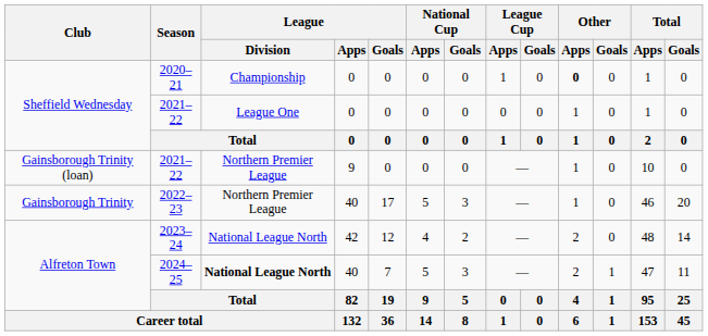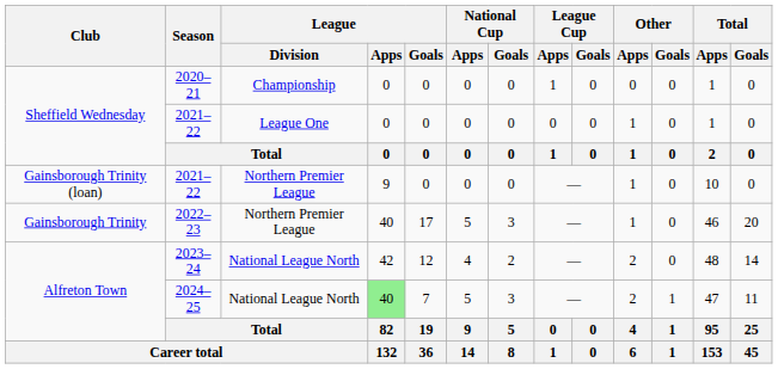 <table class="wikitable" style="text-align:center">
 <tr>
 <th rowspan="2">Club</th>
 <th rowspan="2">Season</th>
 <th colspan="3">League</th>
 <th colspan="2">National Cup</th>
 <th colspan="2">League Cup</th>
 <th colspan="2">Other</th>
 <th colspan="2">Total</th>
 </tr>
 <tr>
 <th>Division</th>
 <th>Apps</th>
 <th>Goals</th>
 <th>Apps</th>
 <th>Goals</th>
 <th>Apps</th>
 <th>Goals</th>
 <th>Apps</th>
 <th>Goals</th>
 <th>Apps</th>
 <th>Goals</th>
 </tr>
 <tr>
 <td rowspan="3"><a href='#'>Sheffield Wednesday</a></td>
 <td><a href='#'>2020–21</a></td>
 <td><a href='#'>Championship</a></td>
 <td>0</td>
 <td>0</td>
 <td>0</td>
 <td>0</td>
 <td>1</td>
 <td>0</td>
-<td><strong>0</strong></td>
+<td>0</td>
 <td>0</td>
 <td>1</td>
 <td>0</td>
 </tr>
 <tr>
 <td><a href='#'>2021–22</a></td>
 <td><a href='#'>League One</a></td>
 <td>0</td>
 <td>0</td>
 <td>0</td>
 <td>0</td>
 <td>0</td>
 <td>0</td>
 <td>1</td>
 <td>0</td>
 <td>1</td>
 <td>0</td>
 </tr>
 <tr>
 <th colspan="2">Total</th>
 <th>0</th>
 <th>0</th>
 <th>0</th>
 <th>0</th>
 <th>1</th>
 <th>0</th>
 <th>1</th>
 <th>0</th>
 <th>2</th>
 <th>0</th>
 </tr>
 <tr>
 <td><a href='#'>Gainsborough Trinity</a> (loan)</td>
 <td><a href='#'>2021–22</a></td>
 <td><a href='#'>Northern Premier League</a></td>
 <td>9</td>
 <td>0</td>
 <td>0</td>
 <td>0</td>
 <td colspan="2">—</td>
 <td>1</td>
 <td>0</td>
 <td>10</td>
 <td>0</td>
 </tr>
 <tr>
 <td><a href='#'>Gainsborough Trinity</a></td>
 <td><a href='#'>2022–23</a></td>
 <td>Northern Premier League</td>
 <td>40</td>
 <td>17</td>
 <td>5</td>
 <td>3</td>
 <td colspan="2">—</td>
 <td>1</td>
 <td>0</td>
 <td>46</td>
 <td>20</td>
 </tr>
 <tr>
 <td rowspan="3"><a href='#'>Alfreton Town</a></td>
 <td><a href='#'>2023–24</a></td>
 <td><a href='#'>National League North</a></td>
 <td>42</td>
 <td>12</td>
 <td>4</td>
 <td>2</td>
 <td colspan="2">—</td>
 <td>2</td>
 <td>0</td>
 <td>48</td>
 <td>14</td>
 </tr>
 <tr>
 <td><a href='#'>2024–25</a></td>
-<td><strong>National League North</strong></td>
-<td>40</td>
+<td>National League North</td>
+<td style="background: lightgreen;">40</td>
 <td>7</td>
 <td>5</td>
 <td>3</td>
 <td colspan="2">—</td>
 <td>2</td>
 <td>1</td>
 <td>47</td>
 <td>11</td>
 </tr>
 <tr>
 <th colspan="2">Total</th>
 <th>82</th>
 <th>19</th>
 <th>9</th>
 <th>5</th>
 <th>0</th>
 <th>0</th>
 <th>4</th>
 <th>1</th>
 <th>95</th>
 <th>25</th>
 </tr>
 <tr>
 <th colspan="3">Career total</th>
 <th>132</th>
 <th>36</th>
 <th>14</th>
 <th>8</th>
 <th>1</th>
 <th>0</th>
 <th>6</th>
 <th>1</th>
 <th>153</th>
 <th>45</th>
 </tr>
 </table>
